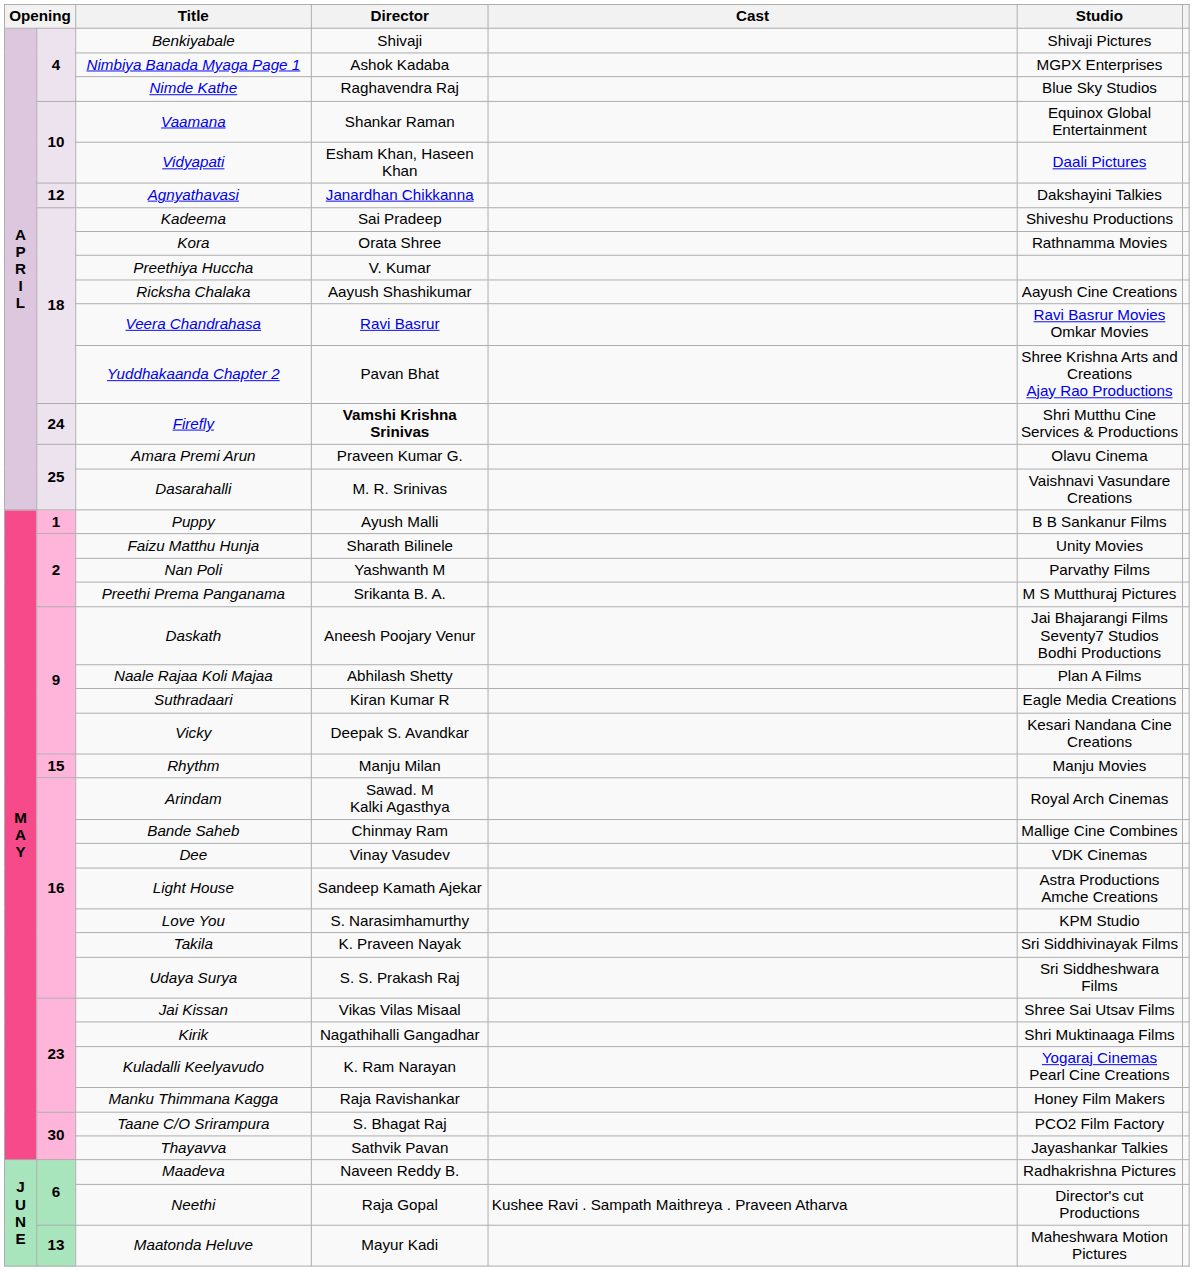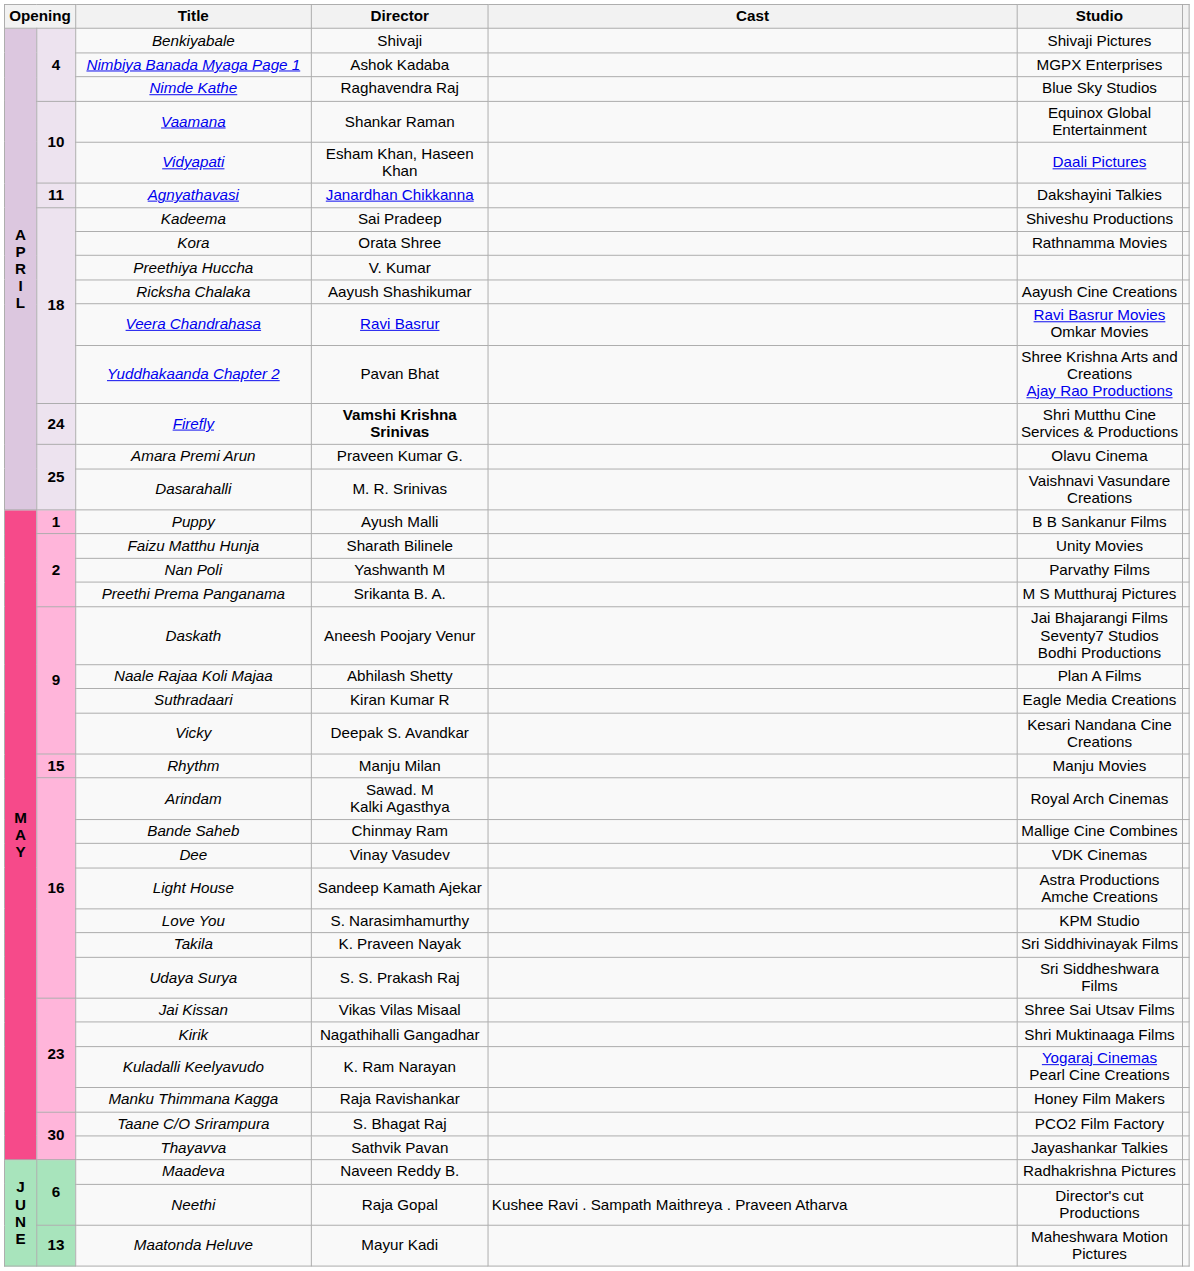 <table class="wikitable sortable">
 <tr>
 <th colspan="2" style="width:6%;">Opening</th>
 <th style="width:20%;">Title</th>
 <th style="width:15%;">Director</th>
 <th style="width:45%;">Cast</th>
 <th style="width:30%;">Studio</th>
 <th style="width:1%;" class="unsortable"></th>
 </tr>
 <tr>
 <td rowspan="15" style="text-align:center; background:#dcc7df; textcolor:#000;"><strong>A<br>P<br>R<br>I<br>L</strong></td>
 <td rowspan="3" style="text-align:center;background:#ede3ef;"><strong>4</strong></td>
 <td style="text-align:center;"><em>Benkiyabale</em></td>
 <td style="text-align:center;">Shivaji</td>
 <td></td>
 <td style="text-align:center;">Shivaji Pictures</td>
 <td align="center"></td>
 </tr>
 <tr>
 <td style="text-align:center;"><em><a href='#'>Nimbiya Banada Myaga Page 1</a></em></td>
 <td style="text-align:center;">Ashok Kadaba</td>
 <td></td>
 <td style="text-align:center;">MGPX Enterprises</td>
 <td align="center"></td>
 </tr>
 <tr>
 <td style="text-align:center;"><em><a href='#'>Nimde Kathe</a></em></td>
 <td style="text-align:center;">Raghavendra Raj</td>
 <td></td>
 <td style="text-align:center;">Blue Sky Studios</td>
 <td align="center"></td>
 </tr>
 <tr>
 <td rowspan="2" style="text-align:center;background:#ede3ef;"><strong>10</strong></td>
 <td style="text-align:center;"><em><a href='#'>Vaamana</a></em></td>
 <td style="text-align:center;">Shankar Raman</td>
 <td></td>
 <td style="text-align:center;">Equinox Global Entertainment</td>
 <td align="center"></td>
 </tr>
 <tr>
 <td style="text-align:center;"><em><a href='#'>Vidyapati</a></em></td>
 <td style="text-align:center;">Esham Khan, Haseen Khan</td>
 <td></td>
 <td style="text-align:center;"><a href='#'>Daali Pictures</a></td>
 <td></td>
 </tr>
 <tr>
-<td rowspan="1" style="text-align:center;background:#ede3ef;"><strong>12</strong></td>
+<td rowspan="1" style="text-align:center;background:#ede3ef;"><strong>11</strong></td>
 <td style="text-align:center;"><em><a href='#'>Agnyathavasi</a></em></td>
 <td style="text-align:center;"><a href='#'>Janardhan Chikkanna</a></td>
 <td></td>
 <td style="text-align:center;">Dakshayini Talkies</td>
 <td></td>
 </tr>
 <tr>
 <td rowspan="6" style="text-align:center;background:#ede3ef;"><strong>18</strong></td>
 <td style="text-align:center;"><em>Kadeema</em></td>
 <td style="text-align:center;">Sai Pradeep</td>
 <td></td>
 <td style="text-align:center;">Shiveshu Productions</td>
 <td align="center"></td>
 </tr>
 <tr>
 <td style="text-align:center;"><em>Kora</em></td>
 <td style="text-align:center;">Orata Shree</td>
 <td></td>
 <td style="text-align:center;">Rathnamma Movies</td>
 <td align="center"></td>
 </tr>
 <tr>
 <td style="text-align:center;"><em>Preethiya Huccha</em></td>
 <td style="text-align:center;">V. Kumar</td>
 <td></td>
 <td style="text-align:center;"></td>
 <td align="center"></td>
 </tr>
 <tr>
 <td style="text-align:center;"><em>Ricksha Chalaka</em></td>
 <td style="text-align:center;">Aayush Shashikumar</td>
 <td></td>
 <td style="text-align:center;">Aayush Cine Creations</td>
 <td align="center"></td>
 </tr>
 <tr>
 <td style="text-align:center;"><em><a href='#'>Veera Chandrahasa</a></em></td>
 <td style="text-align:center;"><a href='#'>Ravi Basrur</a></td>
 <td></td>
 <td style="text-align:center;"><a href='#'>Ravi Basrur Movies</a><br> Omkar Movies</td>
 <td style="text-align:center;"></td>
 </tr>
 <tr>
 <td style="text-align:center;"><em><a href='#'>Yuddhakaanda Chapter 2</a></em></td>
 <td style="text-align:center;">Pavan Bhat</td>
 <td></td>
 <td style="text-align:center;">Shree Krishna Arts and Creations <br> <a href='#'>Ajay Rao Productions</a></td>
 <td align="center"></td>
 </tr>
 <tr>
 <td rowspan="1" style="text-align:center;background:#ede3ef;"><strong>24</strong></td>
 <td style="text-align:center;"><em><a href='#'>Firefly</a></em></td>
 <td style="text-align:center;"><strong>Vamshi Krishna Srinivas</strong></td>
 <td></td>
 <td style="text-align:center;">Shri Mutthu Cine Services & Productions</td>
 <td align="center"></td>
 </tr>
 <tr>
 <td rowspan="2" style="text-align:center;background:#ede3ef;"><strong>25</strong></td>
 <td style="text-align:center;"><em>Amara Premi Arun</em></td>
 <td style="text-align:center;">Praveen Kumar G.</td>
 <td></td>
 <td style="text-align:center;">Olavu Cinema</td>
 <td align="center"></td>
 </tr>
 <tr>
 <td style="text-align:center;"><em>Dasarahalli</em></td>
 <td style="text-align:center;">M. R. Srinivas</td>
 <td></td>
 <td style="text-align:center;">Vaishnavi Vasundare Creations</td>
 <td align="center"></td>
 </tr>
 <tr>
 <td rowspan="22" style="text-align:center; background:#f64a8a;"><strong>M<br>A<br>Y</strong></td>
 <td rowspan="1" style="text-align:center;background:#ffb5da;"><strong>1</strong></td>
 <td style="text-align:center;"><em>Puppy</em></td>
 <td style="text-align:center;">Ayush Malli</td>
 <td></td>
 <td style="text-align:center;">B B Sankanur Films</td>
 <td style="text-align:center;"></td>
 </tr>
 <tr>
 <td rowspan="3" style="text-align:center;background:#ffb5da;"><strong>2</strong></td>
 <td style="text-align:center;"><em>Faizu Matthu Hunja</em></td>
 <td style="text-align:center;">Sharath Bilinele</td>
 <td></td>
 <td style="text-align:center;">Unity Movies</td>
 <td style="text-align:center;"></td>
 </tr>
 <tr>
 <td style="text-align:center;"><em>Nan Poli</em></td>
 <td style="text-align:center;">Yashwanth M</td>
 <td></td>
 <td style="text-align:center;">Parvathy Films</td>
 <td style="text-align:center;"></td>
 </tr>
 <tr>
 <td style="text-align:center;"><em>Preethi Prema Panganama</em></td>
 <td style="text-align:center;">Srikanta B. A.</td>
 <td></td>
 <td style="text-align:center;">M S Mutthuraj Pictures</td>
 <td style="text-align:center;"></td>
 </tr>
 <tr>
 <td rowspan="4" style="text-align:center;background:#ffb5da;"><strong>9</strong></td>
 <td style="text-align:center;"><em>Daskath</em></td>
 <td style="text-align:center;">Aneesh Poojary Venur</td>
 <td></td>
 <td style="text-align:center;">Jai Bhajarangi Films <br> Seventy7 Studios <br> Bodhi Productions</td>
 <td style="text-align:center;"></td>
 </tr>
 <tr>
 <td style="text-align:center;"><em>Naale Rajaa Koli Majaa</em></td>
 <td style="text-align:center;">Abhilash Shetty</td>
 <td></td>
 <td style="text-align:center;">Plan A Films</td>
 <td style="text-align:center;"></td>
 </tr>
 <tr>
 <td style="text-align:center;"><em>Suthradaari</em></td>
 <td style="text-align:center;">Kiran Kumar R</td>
 <td></td>
 <td style="text-align:center;">Eagle Media Creations</td>
 <td style="text-align:center;"></td>
 </tr>
 <tr>
 <td style="text-align:center;"><em>Vicky</em></td>
 <td style="text-align:center;">Deepak S. Avandkar</td>
 <td></td>
 <td style="text-align:center;">Kesari Nandana Cine Creations</td>
 <td style="text-align:center;"></td>
 </tr>
 <tr>
 <td rowspan="1" style="text-align:center;background:#ffb5da;"><strong>15</strong></td>
 <td style="text-align:center;"><em>Rhythm</em></td>
 <td style="text-align:center;">Manju Milan</td>
 <td></td>
 <td style="text-align:center;">Manju Movies</td>
 <td style="text-align:center;"></td>
 </tr>
 <tr>
 <td rowspan="7" style="text-align:center;background:#ffb5da;"><strong>16</strong></td>
 <td style="text-align:center;"><em>Arindam</em></td>
 <td style="text-align:center;">Sawad. M <br> Kalki Agasthya</td>
 <td></td>
 <td style="text-align:center;">Royal Arch Cinemas</td>
 <td style="text-align:center;"></td>
 </tr>
 <tr>
 <td style="text-align:center;"><em>Bande Saheb</em></td>
 <td style="text-align:center;">Chinmay Ram</td>
 <td></td>
 <td style="text-align:center;">Mallige Cine Combines</td>
 <td style="text-align:center;"></td>
 </tr>
 <tr>
 <td style="text-align:center;"><em>Dee</em></td>
 <td style="text-align:center;">Vinay Vasudev</td>
 <td></td>
 <td style="text-align:center;">VDK Cinemas</td>
 <td style="text-align:center;"></td>
 </tr>
 <tr>
 <td style="text-align:center;"><em>Light House</em></td>
 <td style="text-align:center;">Sandeep Kamath Ajekar</td>
 <td></td>
 <td style="text-align:center;">Astra Productions <br> Amche Creations</td>
 <td style="text-align:center;"></td>
 </tr>
 <tr>
 <td style="text-align:center;"><em>Love You</em></td>
 <td style="text-align:center;">S. Narasimhamurthy</td>
 <td></td>
 <td style="text-align:center;">KPM Studio</td>
 <td style="text-align:center;"></td>
 </tr>
 <tr>
 <td style="text-align:center;"><em>Takila</em></td>
 <td style="text-align:center;">K. Praveen Nayak</td>
 <td></td>
 <td style="text-align:center;">Sri Siddhivinayak Films</td>
 <td style="text-align:center;"></td>
 </tr>
 <tr>
 <td style="text-align:center;"><em>Udaya Surya</em></td>
 <td style="text-align:center;">S. S. Prakash Raj</td>
 <td></td>
 <td style="text-align:center;">Sri Siddheshwara Films</td>
 <td style="text-align:center;"></td>
 </tr>
 <tr>
 <td rowspan="4" style="text-align:center;background:#ffb5da;"><strong>23</strong></td>
 <td style="text-align:center;"><em>Jai Kissan</em></td>
 <td style="text-align:center;">Vikas Vilas Misaal</td>
 <td></td>
 <td style="text-align:center;">Shree Sai Utsav Films</td>
 <td style="text-align:center;"></td>
 </tr>
 <tr>
 <td style="text-align:center;"><em>Kirik</em></td>
 <td style="text-align:center;">Nagathihalli Gangadhar</td>
 <td></td>
 <td style="text-align:center;">Shri Muktinaaga Films</td>
 <td style="text-align:center;"></td>
 </tr>
 <tr>
 <td style="text-align:center;"><em>Kuladalli Keelyavudo</em></td>
 <td style="text-align:center;">K. Ram Narayan</td>
 <td></td>
 <td style="text-align:center;"><a href='#'>Yogaraj Cinemas</a> <br> Pearl Cine Creations</td>
 <td style="text-align:center;"></td>
 </tr>
 <tr>
 <td style="text-align:center;"><em>Manku Thimmana Kagga</em></td>
 <td style="text-align:center;">Raja Ravishankar</td>
 <td></td>
 <td style="text-align:center;">Honey Film Makers</td>
 <td style="text-align:center;"></td>
 </tr>
 <tr>
 <td rowspan="2" style="text-align:center;background:#ffb5da;"><strong>30</strong></td>
 <td style="text-align:center;"><em>Taane C/O Srirampura</em></td>
 <td style="text-align:center;">S. Bhagat Raj</td>
 <td></td>
 <td style="text-align:center;">PCO2 Film Factory</td>
 <td style="text-align:center;"></td>
 </tr>
 <tr>
 <td style="text-align:center;"><em>Thayavva</em></td>
 <td style="text-align:center;">Sathvik Pavan</td>
 <td></td>
 <td style="text-align:center;">Jayashankar Talkies</td>
 <td style="text-align:center;"></td>
 </tr>
 <tr>
 <td rowspan="3" style="text-align: center;background:#a8e4bc;"><strong>J<br>U<br>N<br>E</strong></td>
 <td rowspan="2" style="text-align: center;background:#a8e4bc;"><strong>6</strong></td>
 <td style="text-align:center;"><em>Maadeva</em></td>
 <td style="text-align:center;">Naveen Reddy B.</td>
 <td></td>
 <td style="text-align:center;">Radhakrishna Pictures</td>
 <td style="text-align:center;"></td>
 </tr>
 <tr>
 <td style="text-align: center;"><em>Neethi</em></td>
 <td style="text-align: center;">Raja Gopal</td>
 <td>Kushee Ravi . Sampath Maithreya . Praveen Atharva</td>
 <td style="text-align: center;">Director's cut Productions</td>
 <td style="text-align: center;"></td>
 </tr>
 <tr>
 <td style="text-align:center;background:#a8e4bc;"><strong>13</strong></td>
 <td style="text-align:center; "><em>Maatonda Heluve</em></td>
 <td style="text-align:center;">Mayur Kadi</td>
 <td></td>
 <td style="text-align:center;">Maheshwara Motion Pictures</td>
 <td style="text-align:center;"></td>
 </tr>
 </table>
